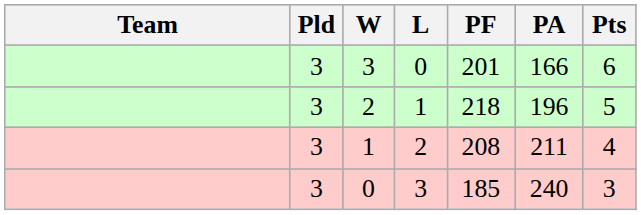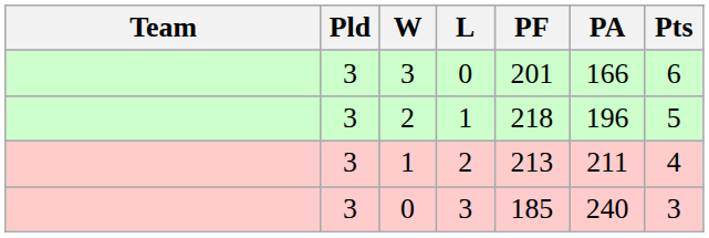 <table class="wikitable" style="text-align:center;">
 <tr>
 <th width=170>Team</th>
 <th width=25>Pld</th>
 <th width=25>W</th>
 <th width=25>L</th>
 <th width=35>PF</th>
 <th width=35>PA</th>
 <th width=25>Pts</th>
 </tr>
 <tr bgcolor=#ccffcc>
 <td align="left"></td>
 <td>3</td>
 <td>3</td>
 <td>0</td>
 <td>201</td>
 <td>166</td>
 <td>6</td>
 </tr>
 <tr bgcolor=#ccffcc>
 <td align="left"></td>
 <td>3</td>
 <td>2</td>
 <td>1</td>
 <td>218</td>
 <td>196</td>
 <td>5</td>
 </tr>
 <tr bgcolor=#ffcccc>
 <td align="left"></td>
 <td>3</td>
 <td>1</td>
 <td>2</td>
-<td>208</td>
+<td>213</td>
 <td>211</td>
 <td>4</td>
 </tr>
 <tr bgcolor=#ffcccc>
 <td align="left"></td>
 <td>3</td>
 <td>0</td>
 <td>3</td>
 <td>185</td>
 <td>240</td>
 <td>3</td>
 </tr>
 </table>
